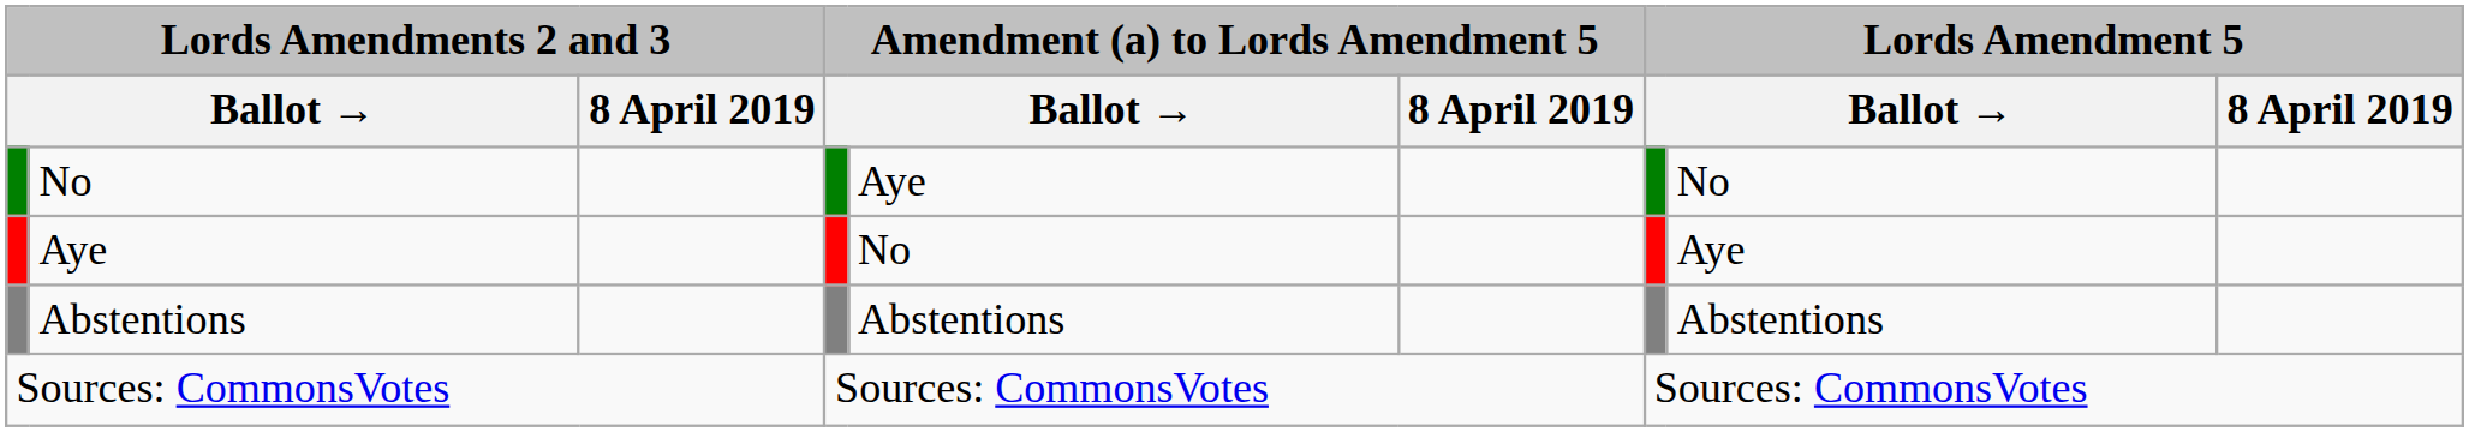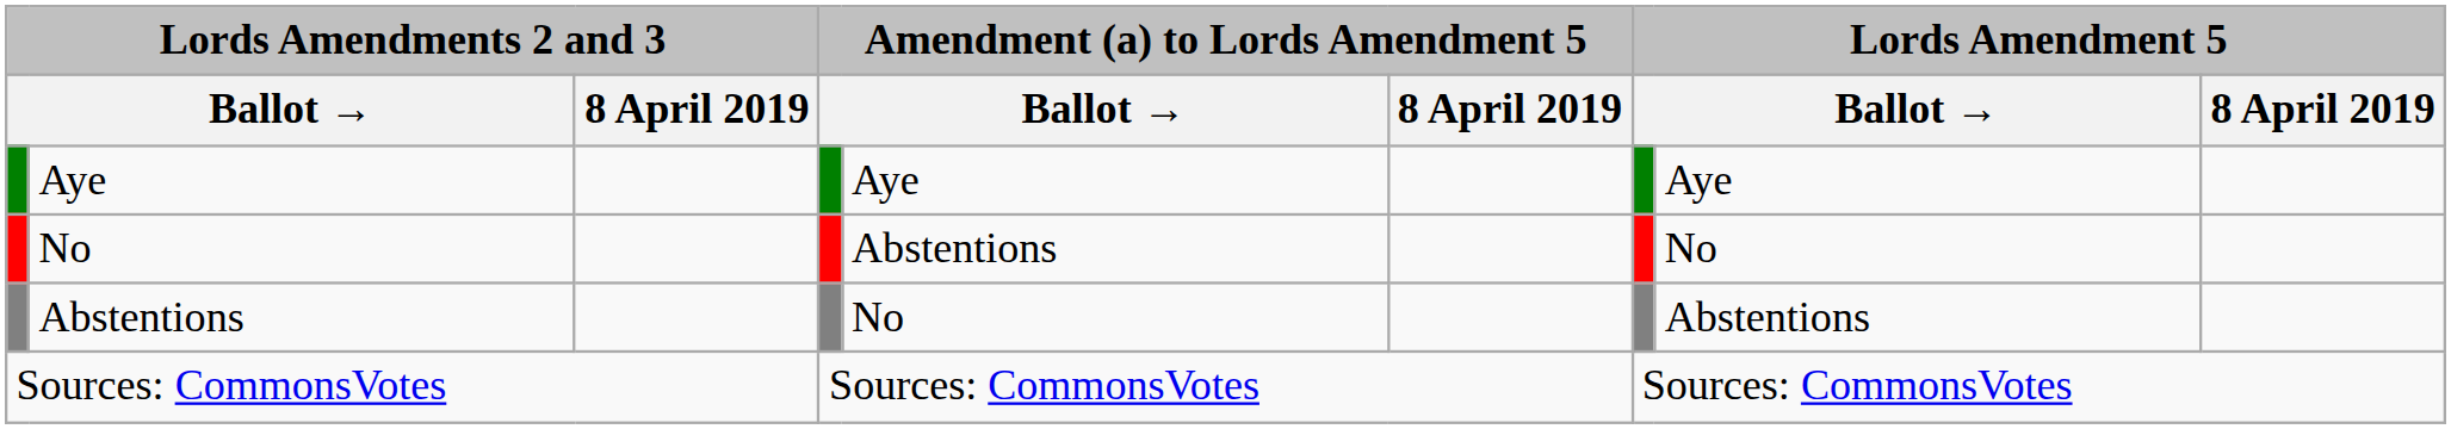 <table class="wikitable" style="text-align:center; font-size:98%;">
 <tr>
 <td colspan="3" align="center" bgcolor="#C0C0C0"><strong>Lords Amendments 2 and 3</strong></td>
 <td colspan="3" align="center" bgcolor="#C0C0C0"><strong>Amendment (a) to Lords Amendment 5</strong></td>
 <td colspan="3" align="center" bgcolor="#C0C0C0"><strong>Lords Amendment 5</strong></td>
 </tr>
 <tr>
 <th colspan="2" style="width:200px;">Ballot →</th>
 <th>8 April 2019</th>
 <th colspan="2" style="width:200px;">Ballot →</th>
 <th>8 April 2019</th>
 <th colspan="2" style="width:200px;">Ballot →</th>
 <th>8 April 2019</th>
 </tr>
 <tr>
 <th style="width:1px; background:green;"></th>
-<td style="text-align:left;">No</td>
+<td style="text-align:left;">Aye</td>
 <td></td>
 <th style="width:1px; background:green;"></th>
 <td style="text-align:left;">Aye</td>
 <td></td>
 <th style="width:1px; background:green;"></th>
-<td style="text-align:left;">No</td>
+<td style="text-align:left;">Aye</td>
 <td></td>
 </tr>
 <tr>
 <th style="background:red;"></th>
-<td style="text-align:left;">Aye</td>
+<td style="text-align:left;">No</td>
+<td></td>
+<th style="background:red;"></th>
+<td style="text-align:left;">Abstentions</td>
 <td></td>
 <th style="background:red;"></th>
 <td style="text-align:left;">No</td>
-<td></td>
-<th style="background:red;"></th>
-<td style="text-align:left;">Aye</td>
 <td></td>
 </tr>
 <tr>
 <th style="background:gray;"></th>
 <td style="text-align:left;">Abstentions</td>
 <td></td>
 <th style="background:gray;"></th>
-<td style="text-align:left;">Abstentions</td>
+<td style="text-align:left;">No</td>
 <td></td>
 <th style="background:gray;"></th>
 <td style="text-align:left;">Abstentions</td>
 <td></td>
 </tr>
 <tr>
 <td colspan="3" style="text-align:left;">Sources: <a href='#'>CommonsVotes</a></td>
 <td colspan="3" style="text-align:left;">Sources: <a href='#'>CommonsVotes</a></td>
 <td colspan="3" style="text-align:left;">Sources: <a href='#'>CommonsVotes</a></td>
 </tr>
 </table>
